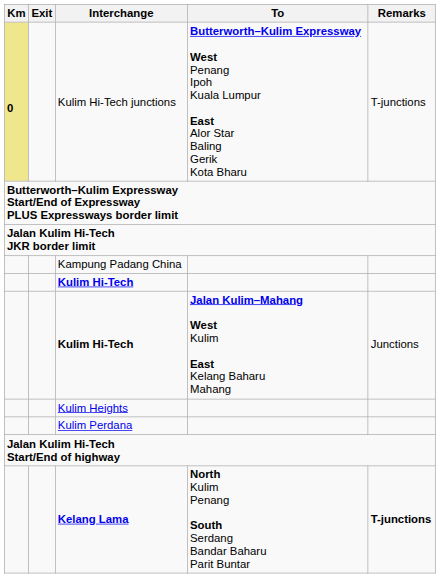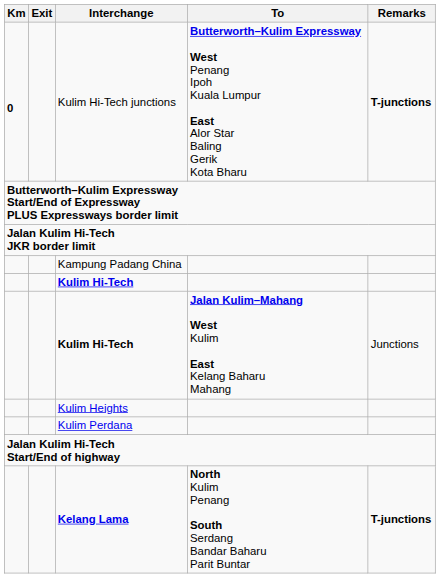 <table class="wikitable">
 <tr>
 <th>Km</th>
 <th>Exit</th>
 <th>Interchange</th>
 <th>To</th>
 <th>Remarks</th>
 </tr>
 <tr>
-<td style="background: khaki;"><br><strong>0</strong></td>
+<td><br><strong>0</strong></td>
 <td></td>
 <td>Kulim Hi-Tech junctions</td>
 <td>   <strong><a href='#'>Butterworth–Kulim Expressway</a></strong><br><br><strong>West</strong><br>Penang<br>Ipoh<br>Kuala Lumpur<br><br><strong>East</strong><br>Alor Star<br>Baling<br>Gerik<br>Kota Bharu</td>
-<td>T-junctions</td>
+<td><strong>T-junctions</strong></td>
 </tr>
 <tr>
 <td style="width:600px" colspan="6" style="text-align:center; background:green;"><strong><span>   Butterworth–Kulim Expressway<br>Start/End of Expressway<br>PLUS Expressways border limit</span></strong></td>
 </tr>
 <tr>
 <td style="width:600px" colspan="6" style="text-align:center; background:blue;"><strong><span> Jalan Kulim Hi-Tech<br>JKR border limit</span></strong></td>
 </tr>
 <tr>
 <td></td>
 <td></td>
 <td>Kampung Padang China</td>
 <td></td>
 <td></td>
 </tr>
 <tr>
 <td></td>
 <td></td>
 <td><strong><a href='#'>Kulim Hi-Tech</a></strong></td>
 <td></td>
 <td></td>
 </tr>
 <tr>
 <td></td>
 <td></td>
 <td><strong>Kulim Hi-Tech</strong></td>
 <td> <strong><a href='#'>Jalan Kulim–Mahang</a></strong><br><br><strong>West</strong><br>Kulim<br><br><strong>East</strong><br>Kelang Baharu<br>Mahang</td>
 <td>Junctions</td>
 </tr>
 <tr>
 <td></td>
 <td></td>
 <td><a href='#'>Kulim Heights</a></td>
 <td></td>
 <td></td>
 </tr>
 <tr>
 <td></td>
 <td></td>
 <td><a href='#'>Kulim Perdana</a></td>
 <td></td>
 <td></td>
 </tr>
 <tr>
 <td style="width:600px" colspan="6" style="text-align:center; background:blue;"><strong><span> Jalan Kulim Hi-Tech<br>Start/End of highway</span></strong></td>
 </tr>
 <tr>
 <td></td>
 <td></td>
 <td><strong><a href='#'>Kelang Lama</a></strong></td>
 <td><strong>North</strong><br> Kulim<br> Penang<br><br><strong>South</strong><br> Serdang<br> Bandar Baharu<br> Parit Buntar</td>
 <td><strong>T-junctions</strong></td>
 </tr>
 </table>
